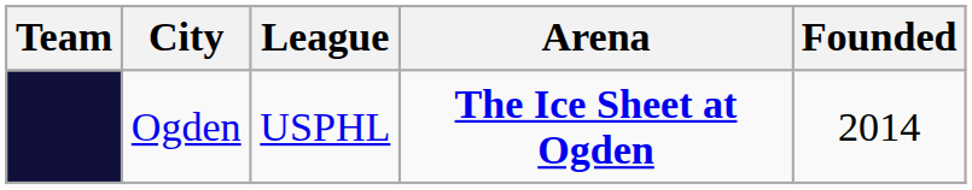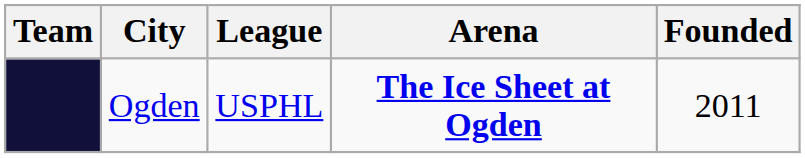 <table class="wikitable sortable" style="text-align:center;" width="60%">
 <tr>
 <th>Team</th>
 <th>City</th>
 <th>League</th>
 <th>Arena</th>
 <th>Founded</th>
 </tr>
 <tr>
 <td style="color:white; background:#10103a; "><strong><a href='#'></a></strong></td>
 <td><a href='#'>Ogden</a></td>
 <td><a href='#'>USPHL</a></td>
 <td><strong><a href='#'>The Ice Sheet at Ogden</a></strong></td>
-<td>2014</td>
+<td>2011</td>
 </tr>
 </table>
